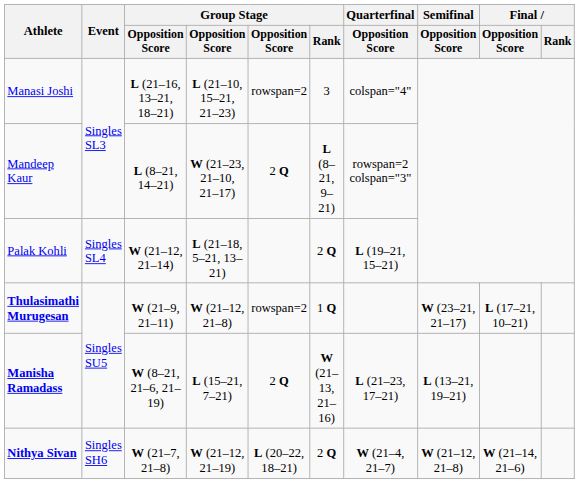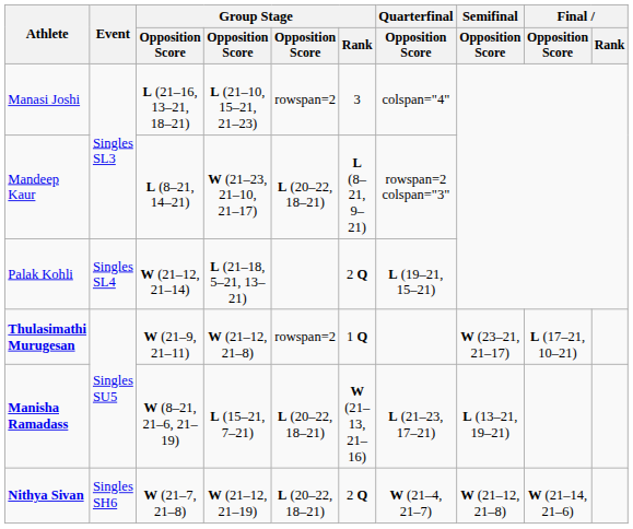 <table class="wikitable" style="font-size:90%; text-align:center">
 <tr>
 <th rowspan=2>Athlete</th>
 <th rowspan=2>Event</th>
 <th colspan=4>Group Stage</th>
 <th>Quarterfinal</th>
 <th>Semifinal</th>
 <th colspan=2>Final / </th>
 </tr>
 <tr style="font-size:95%">
 <th>Opposition<br>Score</th>
 <th>Opposition<br>Score</th>
 <th>Opposition<br>Score</th>
 <th>Rank</th>
 <th>Opposition Score</th>
 <th>Opposition<br>Score</th>
 <th>Opposition<br>Score</th>
 <th>Rank</th>
 </tr>
 <tr>
 <td align=left><a href='#'>Manasi Joshi</a></td>
 <td rowspan="2" align="left"><a href='#'>Singles SL3</a></td>
 <td> <br> <strong>L</strong> (21–16, 13–21, 18–21)</td>
 <td> <br> <strong>L</strong> (21–10, 15–21, 21–23)</td>
 <td>rowspan=2</td>
 <td>3</td>
 <td>colspan="4"</td>
 </tr>
 <tr>
 <td align=left><a href='#'>Mandeep Kaur</a></td>
 <td> <br> <strong>L</strong> (8–21, 14–21)</td>
 <td> <br> <strong>W</strong> (21–23, 21–10, 21–17)</td>
-<td>2 <strong>Q</strong></td>
+<td> <br> <strong>L</strong> (20–22, 18–21)</td>
 <td> <br> <strong>L</strong> (8–21, 9–21)</td>
 <td>rowspan=2 colspan="3" </td>
 </tr>
 <tr>
 <td align=left><a href='#'>Palak Kohli</a></td>
 <td align=left><a href='#'>Singles SL4</a></td>
 <td> <br>  <strong>W</strong> (21–12, 21–14)</td>
 <td> <br> <strong>L</strong> (21–18, 5–21, 13–21)</td>
 <td></td>
 <td>2 <strong>Q</strong></td>
 <td> <br> <strong>L</strong> (19–21, 15–21)</td>
 </tr>
 <tr>
 <td align=left><strong><a href='#'>Thulasimathi Murugesan</a></strong></td>
 <td align=left rowspan=2><a href='#'>Singles SU5</a></td>
 <td> <br><strong>W</strong> (21–9, 21–11)</td>
 <td> <br><strong>W</strong> (21–12, 21–8)</td>
 <td>rowspan=2</td>
 <td>1 <strong>Q</strong></td>
 <td></td>
 <td> <br><strong>W</strong> (23–21, 21–17)</td>
 <td> <br> <strong>L</strong> (17–21, 10–21)</td>
 <td></td>
 </tr>
 <tr>
 <td align=left><strong><a href='#'>Manisha Ramadass</a></strong></td>
 <td><br><strong>W</strong> (8–21, 21–6, 21–19)</td>
 <td><br><strong>L</strong> (15–21, 7–21)</td>
-<td>2 <strong>Q</strong></td>
+<td> <br> <strong>L</strong> (20–22, 18–21)</td>
 <td><br><strong>W</strong> (21–13, 21–16)</td>
 <td><br> <strong>L</strong> (21–23, 17–21)</td>
 <td> <br> <strong>L</strong> (13–21, 19–21)</td>
 <td></td>
 </tr>
 <tr>
 <td align=left><strong><a href='#'>Nithya Sivan</a></strong></td>
 <td align=left><a href='#'>Singles SH6</a></td>
 <td> <br> <strong>W</strong> (21–7, 21–8)</td>
 <td> <br> <strong>W</strong> (21–12, 21–19)</td>
 <td> <br> <strong>L</strong> (20–22, 18–21)</td>
 <td>2 <strong>Q</strong></td>
 <td><br> <strong>W</strong> (21–4, 21–7)</td>
 <td> <br> <strong>W</strong> (21–12, 21–8)</td>
 <td> <br> <strong>W</strong> (21–14, 21–6)</td>
 <td></td>
 </tr>
 </table>
